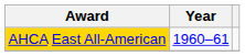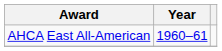 <table class="wikitable">
 <tr>
 <th>Award</th>
 <th>Year</th>
 <th></th>
 </tr>
 <tr>
-<td style="background: gold;"><a href='#'>AHCA</a> <a href='#'>East All-American</a></td>
+<td><a href='#'>AHCA</a> <a href='#'>East All-American</a></td>
 <td><a href='#'>1960–61</a></td>
 <td></td>
 </tr>
 <tr>
 </tr>
 </table>
